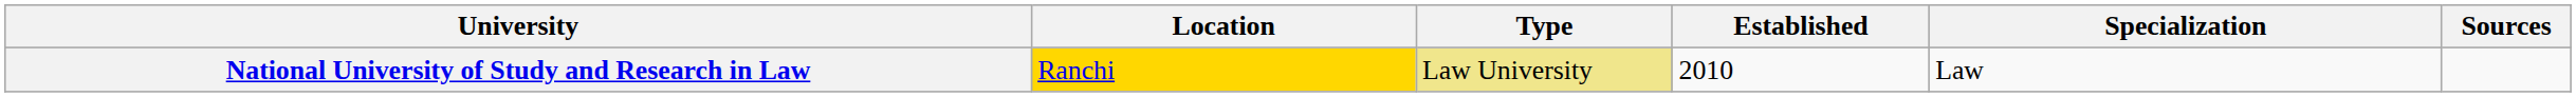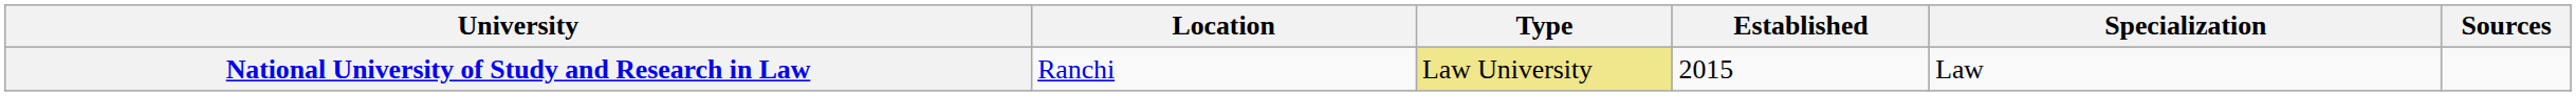 <table class="wikitable sortable collapsible plainrowheaders" style="-align:left; width:76%;">
 <tr>
 <th scope="col" style="width: 40%;">University</th>
 <th scope="col" style="width: 15%;">Location</th>
 <th scope="col" style="width: 10%;">Type</th>
 <th scope="col" style="width: 10%;">Established</th>
 <th scope="col" style="width: 20%;">Specialization</th>
 <th scope="col" style="width: 05%;">Sources</th>
 </tr>
 <tr>
 <th scope="row"><a href='#'>National University of Study and Research in Law</a></th>
-<td style="background: gold;"><a href='#'>Ranchi</a></td>
+<td><a href='#'>Ranchi</a></td>
 <td style="background: khaki;">Law University</td>
-<td>2010</td>
+<td>2015</td>
 <td>Law</td>
 <td></td>
 </tr>
 </table>
